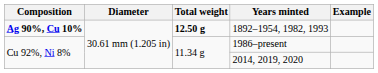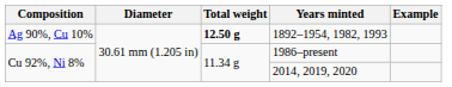 <table class="wikitable">
 <tr>
 <th>Composition</th>
 <th>Diameter</th>
 <th>Total weight</th>
 <th>Years minted</th>
 <th>Example</th>
 </tr>
 <tr>
-<td><strong><a href='#'>Ag</a> 90%, <a href='#'>Cu</a> 10%</strong></td>
+<td><a href='#'>Ag</a> 90%, <a href='#'>Cu</a> 10%</td>
 <td rowspan="3">30.61 mm (1.205 in)</td>
 <td><strong>12.50 g</strong></td>
 <td>1892–1954, 1982, 1993</td>
 <td></td>
 </tr>
 <tr>
 <td rowspan="2">Cu 92%, <a href='#'>Ni</a> 8%</td>
 <td rowspan="2">11.34 g</td>
 <td>1986–present</td>
 <td></td>
 </tr>
 <tr>
 <td>2014, 2019, 2020</td>
 <td></td>
 </tr>
 </table>
